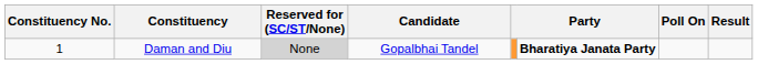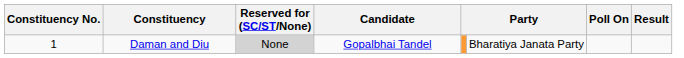 <table class="wikitable sortable" style="text-align:center">
 <tr>
 <th>Constituency No.</th>
 <th style="width:180px;">Constituency</th>
 <th>Reserved for<br>(<a href='#'>SC/ST</a>/None)</th>
 <th style="width:200px;">Candidate</th>
 <th colspan="2">Party</th>
 <th>Poll On</th>
 <th>Result</th>
 </tr>
 <tr>
 <td style="text-align:center;">1</td>
 <td><a href='#'>Daman and Diu</a></td>
 <td style="background: lightgrey;">None</td>
 <td><a href='#'>Gopalbhai Tandel</a></td>
 <td bgcolor=#FF9933></td>
-<td><strong>Bharatiya Janata Party</strong></td>
+<td>Bharatiya Janata Party</td>
 <td></td>
 <td></td>
 </tr>
 </table>
